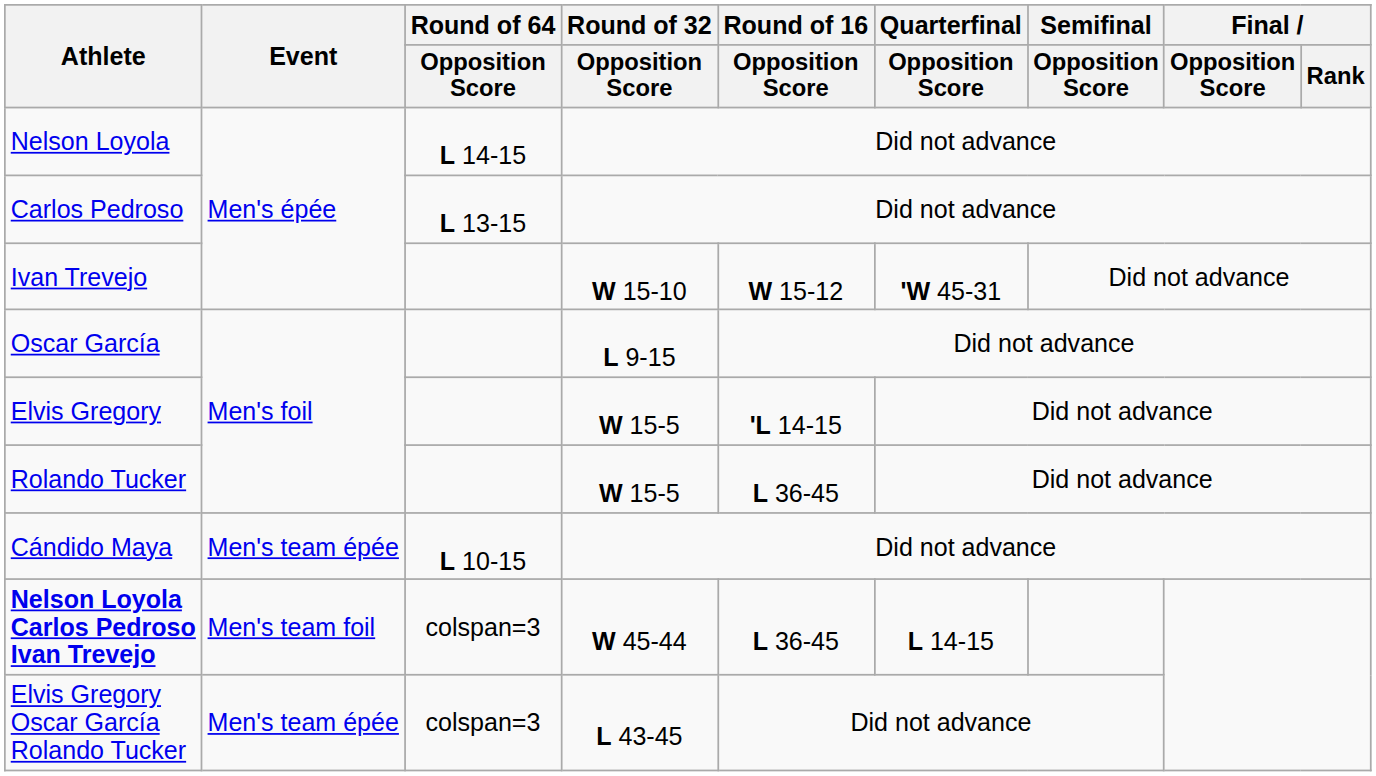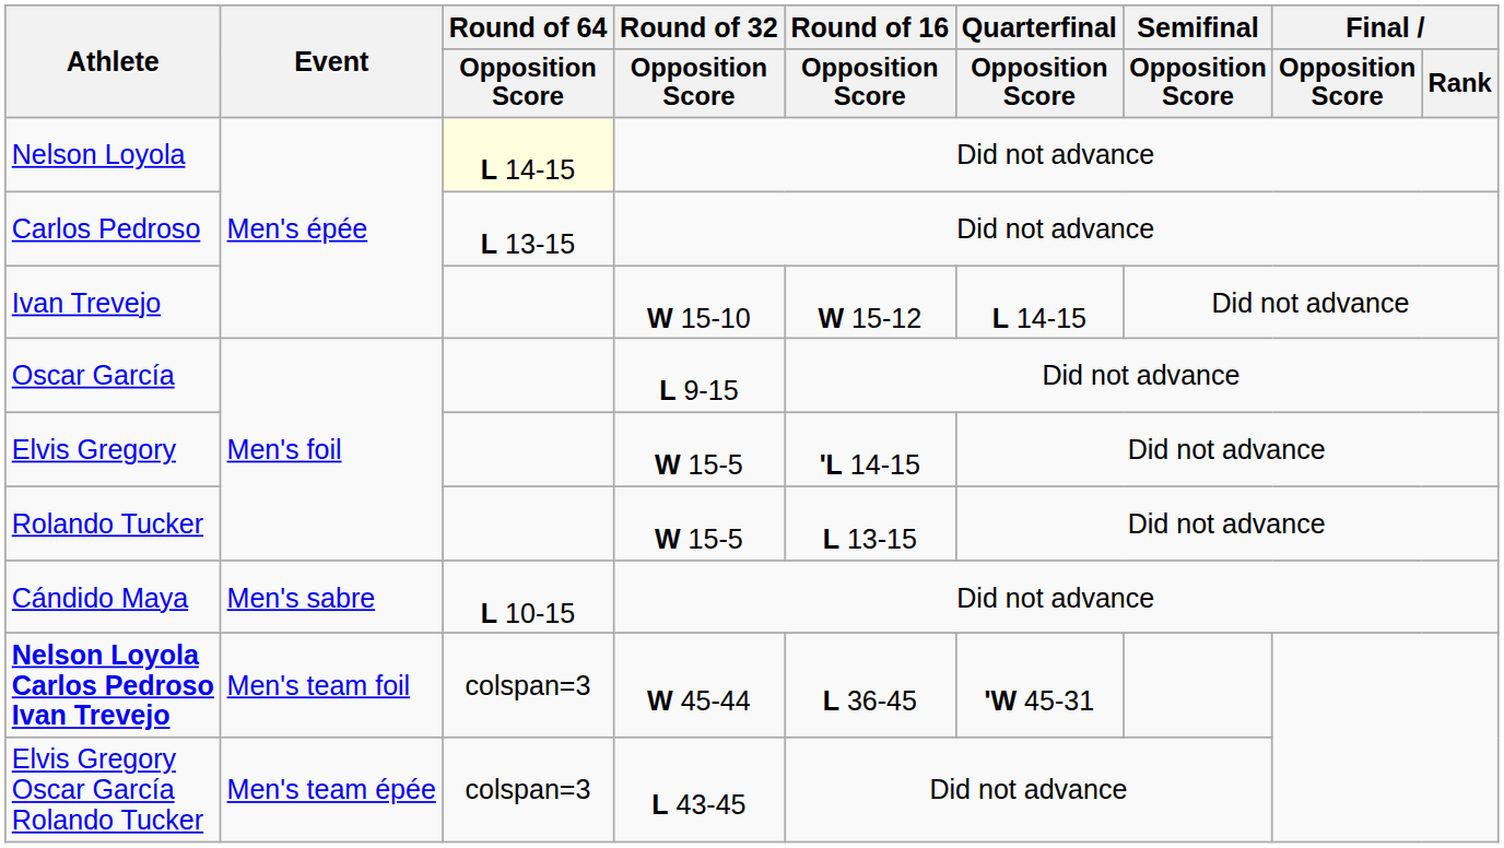 <table class="wikitable" style="font-size:90%">
 <tr>
 <th rowspan="2">Athlete</th>
 <th rowspan="2">Event</th>
 <th>Round of 64</th>
 <th>Round of 32</th>
 <th>Round of 16</th>
 <th>Quarterfinal</th>
 <th>Semifinal</th>
 <th colspan=2>Final / </th>
 </tr>
 <tr style="font-size:95%">
 <th>Opposition <br> Score</th>
 <th>Opposition <br> Score</th>
 <th>Opposition <br> Score</th>
 <th>Opposition <br> Score</th>
 <th>Opposition <br> Score</th>
 <th>Opposition <br> Score</th>
 <th>Rank</th>
 </tr>
 <tr align=center>
 <td align=left><a href='#'>Nelson Loyola</a></td>
 <td align=left rowspan=3><a href='#'>Men's épée</a></td>
-<td><br><strong>L</strong> 14-15</td>
+<td style="background: lightyellow;"><br><strong>L</strong> 14-15</td>
 <td colspan=6>Did not advance</td>
 </tr>
 <tr align=center>
 <td align=left><a href='#'>Carlos Pedroso</a></td>
 <td><br><strong>L</strong> 13-15</td>
 <td colspan=6>Did not advance</td>
 </tr>
 <tr align=center>
 <td align=left><a href='#'>Ivan Trevejo</a></td>
 <td></td>
 <td><br><strong>W</strong> 15-10</td>
 <td><br><strong>W</strong> 15-12</td>
-<td><br><strong>'W</strong> 45-31</td>
+<td><br><strong>L</strong> 14-15</td>
 <td colspan=3>Did not advance</td>
 </tr>
 <tr align=center>
 <td align=left><a href='#'>Oscar García</a></td>
 <td align=left rowspan=3><a href='#'>Men's foil</a></td>
 <td></td>
 <td><br><strong>L</strong> 9-15</td>
 <td colspan=5>Did not advance</td>
 </tr>
 <tr align=center>
 <td align=left><a href='#'>Elvis Gregory</a></td>
 <td></td>
 <td><br><strong>W</strong> 15-5</td>
 <td><br><strong>'L</strong> 14-15</td>
 <td colspan=4>Did not advance</td>
 </tr>
 <tr align=center>
 <td align=left><a href='#'>Rolando Tucker</a></td>
 <td></td>
 <td><br><strong>W</strong> 15-5</td>
-<td><br><strong>L</strong> 36-45</td>
+<td><br><strong>L</strong> 13-15</td>
 <td colspan=4>Did not advance</td>
 </tr>
 <tr align=center>
 <td align=left><a href='#'>Cándido Maya</a></td>
-<td align=left><a href='#'>Men's team épée</a></td>
+<td align=left><a href='#'>Men's sabre</a></td>
 <td><br><strong>L</strong> 10-15</td>
 <td colspan=6>Did not advance</td>
 </tr>
 <tr align=center>
 <td align=left><strong><a href='#'>Nelson Loyola</a></strong><br> <strong><a href='#'>Carlos Pedroso</a></strong><br> <strong><a href='#'>Ivan Trevejo</a></strong></td>
 <td align=left><a href='#'>Men's team foil</a></td>
 <td>colspan=3 </td>
 <td><br><strong>W</strong> 45-44</td>
 <td><br><strong>L</strong> 36-45</td>
-<td><br><strong>L</strong> 14-15</td>
+<td><br><strong>'W</strong> 45-31</td>
 <td></td>
 </tr>
 <tr align=center>
 <td align=left><a href='#'>Elvis Gregory</a><br> <a href='#'>Oscar García</a><br> <a href='#'>Rolando Tucker</a></td>
 <td align=left><a href='#'>Men's team épée</a></td>
 <td>colspan=3 </td>
 <td><br><strong>L</strong> 43-45</td>
 <td colspan=3>Did not advance</td>
 </tr>
 </table>
